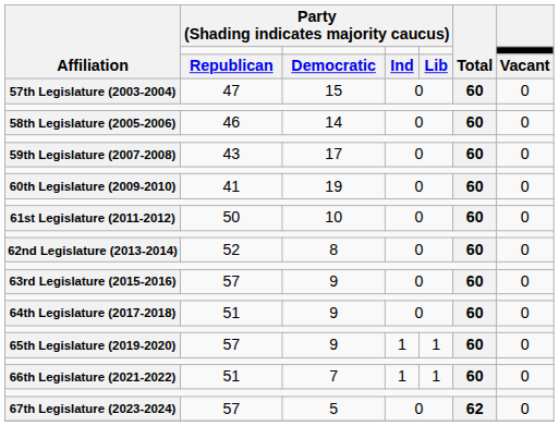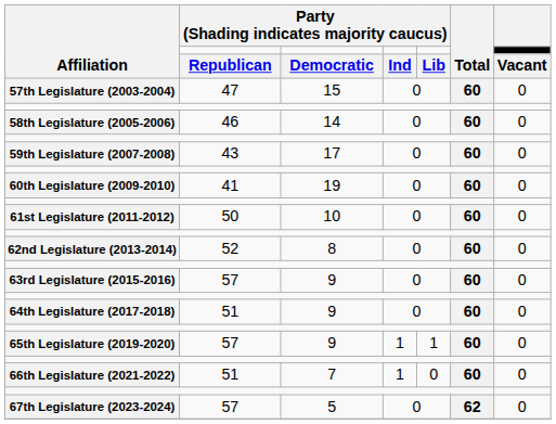 <table class=wikitable style="text-align:center">
 <tr style="vertical-align:bottom;">
 <th rowspan=3>Affiliation</th>
 <th colspan="4">Party <div>(Shading indicates majority caucus)</div></th>
 <th rowspan=3>Total</th>
 <th></th>
 </tr>
 <tr -style="height:5px">
 <td style="background-color:"></td>
 <td style="background-color:"></td>
 <td style="background-color:"></td>
 <td style="background-color:"></td>
 <td style="background-color:black"></td>
 </tr>
 <tr>
 <th><a href='#'>Republican</a></th>
 <th><a href='#'>Democratic</a></th>
 <th><a href='#'>Ind</a></th>
 <th><a href='#'>Lib</a></th>
 <th>Vacant</th>
 </tr>
 <tr>
 <th nowrap style="font-size:80%">57th Legislature (2003-2004)</th>
 <td>47</td>
 <td>15</td>
 <td colspan=2>0</td>
 <th>60</th>
 <td>0</td>
 </tr>
 <tr>
 <td colspan="6"></td>
 </tr>
 <tr>
 <th nowrap style="font-size:80%">58th Legislature (2005-2006)</th>
 <td>46</td>
 <td>14</td>
 <td colspan=2>0</td>
 <th>60</th>
 <td>0</td>
 </tr>
 <tr>
 <td colspan="6"></td>
 </tr>
 <tr>
 <th nowrap style="font-size:80%">59th Legislature (2007-2008)</th>
 <td>43</td>
 <td>17</td>
 <td colspan=2>0</td>
 <th>60</th>
 <td>0</td>
 </tr>
 <tr>
 <td colspan="6"></td>
 </tr>
 <tr>
 <th nowrap style="font-size:80%">60th Legislature (2009-2010)</th>
 <td>41</td>
 <td>19</td>
 <td colspan=2>0</td>
 <th>60</th>
 <td>0</td>
 </tr>
 <tr>
 <td colspan="6"></td>
 </tr>
 <tr>
 <th nowrap style="font-size:80%">61st Legislature (2011-2012)</th>
 <td>50</td>
 <td>10</td>
 <td colspan=2>0</td>
 <th>60</th>
 <td>0</td>
 </tr>
 <tr>
 <td colspan="6"></td>
 </tr>
 <tr>
 <th nowrap style="font-size:80%">62nd Legislature (2013-2014)</th>
 <td>52</td>
 <td>8</td>
 <td colspan=2>0</td>
 <th>60</th>
 <td>0</td>
 </tr>
 <tr>
 <td colspan="6"></td>
 </tr>
 <tr>
 <th nowrap style="font-size:80%">63rd Legislature (2015-2016)</th>
 <td>57</td>
 <td>9</td>
 <td colspan=2>0</td>
 <th>60</th>
 <td>0</td>
 </tr>
 <tr>
 <td colspan="6"></td>
 </tr>
 <tr>
 <th nowrap style="font-size:80%">64th Legislature (2017-2018)</th>
 <td>51</td>
 <td>9</td>
 <td colspan=2>0</td>
 <th>60</th>
 <td>0</td>
 </tr>
 <tr>
 <td colspan="6"></td>
 </tr>
 <tr>
 <th nowrap style="font-size:80%">65th Legislature (2019-2020)</th>
 <td>57</td>
 <td>9</td>
 <td>1</td>
 <td>1</td>
 <th>60</th>
 <td>0</td>
 </tr>
 <tr>
 <td colspan="6"></td>
 <td></td>
 </tr>
 <tr>
 <th nowrap style="font-size:80%">66th Legislature (2021-2022)</th>
 <td>51</td>
 <td>7</td>
 <td>1</td>
-<td>1</td>
+<td>0</td>
 <th>60</th>
 <td>0</td>
 </tr>
 <tr>
 <td colspan="6"></td>
 </tr>
 <tr>
 <th nowrap style="font-size:80%">67th Legislature (2023-2024)</th>
 <td>57</td>
 <td>5</td>
 <td colspan=2>0</td>
 <th>62</th>
 <td>0</td>
 </tr>
 <tr>
 </tr>
 </table>
